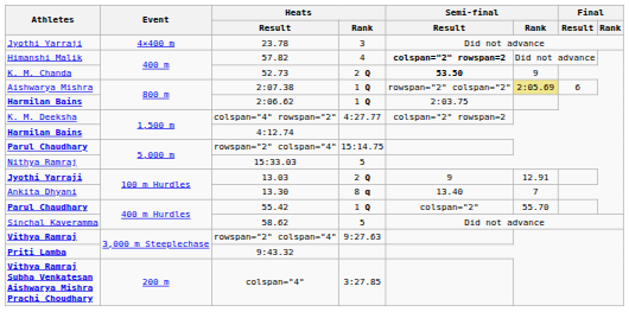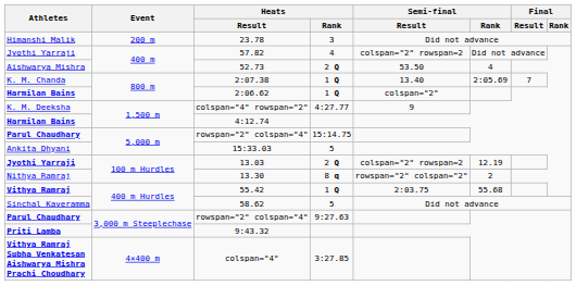 <table class=wikitable style="text-align:center; font-size:90%">
 <tr>
 <th rowspan=2>Athletes</th>
 <th rowspan=2>Event</th>
 <th colspan=2>Heats</th>
 <th colspan=2>Semi-final</th>
 <th colspan=2>Final</th>
 </tr>
 <tr>
 <th>Result</th>
 <th>Rank</th>
 <th>Result</th>
 <th>Rank</th>
 <th>Result</th>
 <th>Rank</th>
 </tr>
 <tr>
-<td style="text-align:left"><a href='#'>Jyothi Yarraji</a></td>
-<td><a href='#'>4×400 m</a></td>
+<td style="text-align:left"><a href='#'>Himanshi Malik</a></td>
+<td><a href='#'>200 m</a></td>
 <td>23.78</td>
 <td>3</td>
 <td colspan="4">Did not advance</td>
 </tr>
 <tr>
-<td style="text-align:left"><a href='#'>Himanshi Malik</a></td>
+<td style="text-align:left"><a href='#'>Jyothi Yarraji</a></td>
 <td rowspan="2"><a href='#'>400 m</a></td>
 <td>57.82</td>
 <td>4</td>
-<td><strong>colspan="2" rowspan=2 </strong></td>
+<td>colspan="2" rowspan=2 </td>
 <td colspan="2">Did not advance</td>
 </tr>
 <tr>
-<td style="text-align:left"><a href='#'>K. M. Chanda</a></td>
+<td style="text-align:left"><a href='#'>Aishwarya Mishra</a></td>
 <td>52.73 <strong></strong></td>
 <td>2 <strong>Q</strong></td>
-<td><strong>53.50</strong></td>
-<td>9</td>
+<td>53.50</td>
+<td>4</td>
 </tr>
 <tr>
-<td style="text-align:left"><a href='#'>Aishwarya Mishra</a></td>
+<td style="text-align:left"><a href='#'>K. M. Chanda</a></td>
 <td rowspan="2"><a href='#'>800 m</a></td>
 <td>2:07.38</td>
 <td>1 <strong>Q</strong></td>
-<td>rowspan="2" colspan="2"</td>
-<td style="background: khaki;">2:05.69</td>
-<td>6</td>
+<td>13.40</td>
+<td>2:05.69</td>
+<td>7</td>
 </tr>
 <tr>
 <td style="text-align:left"><strong><a href='#'>Harmilan Bains</a></strong></td>
 <td>2:06.62</td>
 <td>1 <strong>Q</strong></td>
-<td>2:03.75</td>
+<td>colspan="2"</td>
 <td><strong></strong></td>
 </tr>
 <tr>
 <td style="text-align:left"><a href='#'>K. M. Deeksha</a></td>
 <td rowspan="2"><a href='#'>1,500 m</a></td>
 <td>colspan="4" rowspan="2" </td>
 <td>4:27.77</td>
-<td>colspan="2" rowspan=2 </td>
+<td>9</td>
 </tr>
 <tr>
 <td style="text-align:left"><strong><a href='#'>Harmilan Bains</a></strong></td>
 <td>4:12.74</td>
 <td><strong></strong></td>
 </tr>
 <tr>
 <td style="text-align:left"><strong><a href='#'>Parul Chaudhary</a></strong></td>
 <td rowspan="2"><a href='#'>5,000 m</a></td>
 <td>rowspan="2" colspan="4"</td>
 <td>15:14.75</td>
 <td><strong></strong></td>
 </tr>
 <tr>
-<td style="text-align:left"><a href='#'>Nithya Ramraj</a></td>
+<td style="text-align:left"><a href='#'>Ankita Dhyani</a></td>
 <td>15:33.03 </td>
 <td>5</td>
 </tr>
 <tr>
 <td style="text-align:left"><strong><a href='#'>Jyothi Yarraji</a></strong></td>
 <td rowspan="2"><a href='#'>100 m Hurdles</a></td>
 <td>13.03</td>
 <td>2 <strong>Q</strong></td>
-<td>9</td>
-<td>12.91</td>
+<td>colspan="2" rowspan=2 </td>
+<td>12.19</td>
 <td><strong></strong></td>
 </tr>
 <tr>
-<td style="text-align:left"><a href='#'>Ankita Dhyani</a></td>
+<td style="text-align:left"><a href='#'>Nithya Ramraj</a></td>
 <td>13.30</td>
 <td>8 <strong>q</strong></td>
-<td>13.40</td>
-<td>7</td>
+<td>rowspan="2" colspan="2"</td>
+<td>2</td>
 </tr>
 <tr>
-<td style="text-align:left"><strong><a href='#'>Parul Chaudhary</a></strong></td>
+<td style="text-align:left"><strong><a href='#'>Vithya Ramraj</a></strong></td>
 <td rowspan="2"><a href='#'>400 m Hurdles</a></td>
 <td>55.42 <strong></strong></td>
 <td>1 <strong>Q</strong></td>
-<td>colspan="2"</td>
-<td>55.70</td>
+<td>2:03.75</td>
+<td>55.68</td>
 <td><strong></strong></td>
 </tr>
 <tr>
 <td style="text-align:left"><a href='#'>Sinchal Kaveramma</a></td>
 <td>58.62</td>
 <td>5</td>
 <td colspan="4">Did not advance</td>
 </tr>
 <tr>
-<td style="text-align:left"><strong><a href='#'>Vithya Ramraj</a></strong></td>
+<td style="text-align:left"><strong><a href='#'>Parul Chaudhary</a></strong></td>
 <td rowspan="2"><a href='#'>3,000 m Steeplechase</a></td>
 <td>rowspan="2" colspan="4"</td>
 <td>9:27.63 <strong></strong></td>
 <td><strong></strong></td>
 </tr>
 <tr>
 <td style="text-align:left"><strong><a href='#'>Priti Lamba</a></strong></td>
 <td>9:43.32 <strong></strong></td>
 <td><strong></strong></td>
 </tr>
 <tr>
 <td style="text-align:left"><strong><a href='#'>Vithya Ramraj</a><br><a href='#'>Subha Venkatesan</a><br><a href='#'>Aishwarya Mishra</a><br><a href='#'>Prachi Choudhary</a></strong></td>
-<td><a href='#'>200 m</a></td>
+<td><a href='#'>4×400 m</a></td>
 <td>colspan="4"</td>
 <td>3:27.85</td>
 <td><strong></strong></td>
 </tr>
 </table>
